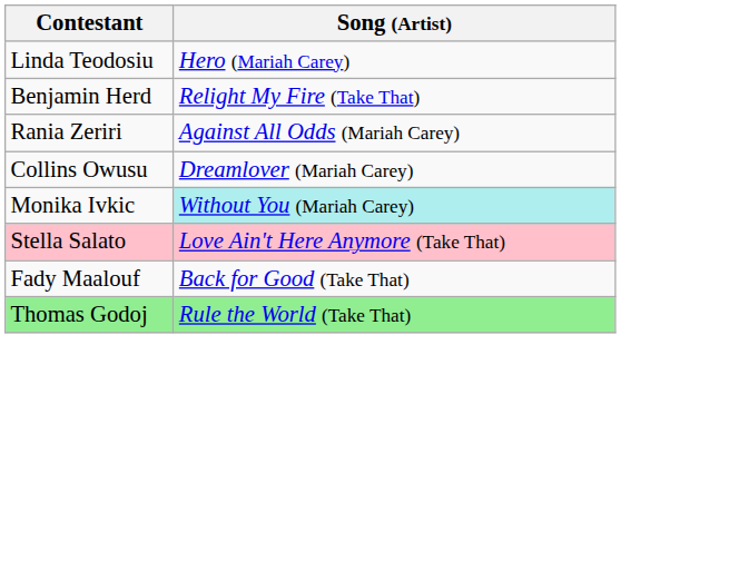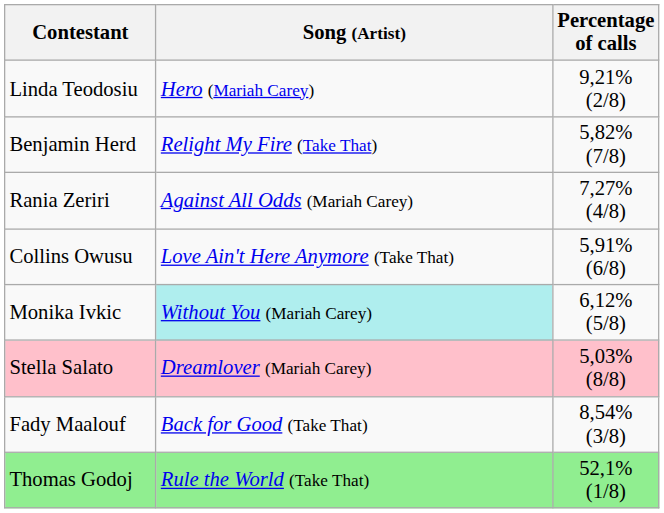 <table class="wikitable">
 <tr>
 <th width="110">Contestant</th>
 <th width="300">Song <small>(Artist)</small></th>
+<th width="28">Percentage of calls</th>
 </tr>
 <tr>
 <td align="left">Linda Teodosiu</td>
 <td align="left"><em><a href='#'>Hero</a></em> <small>(<a href='#'>Mariah Carey</a>)</small></td>
+<td align="center">9,21% (2/8)</td>
 </tr>
 <tr>
 <td align="left">Benjamin Herd</td>
 <td align="left"><em><a href='#'>Relight My Fire</a></em> <small>(<a href='#'>Take That</a>)</small></td>
+<td align="center">5,82% (7/8)</td>
 </tr>
 <tr>
 <td align="left">Rania Zeriri</td>
 <td align="left"><em><a href='#'>Against All Odds</a></em> <small>(Mariah Carey)</small></td>
+<td align="center">7,27% (4/8)</td>
 </tr>
 <tr>
 <td align="left">Collins Owusu</td>
-<td align="left"><em><a href='#'>Dreamlover</a></em> <small>(Mariah Carey)</small></td>
+<td align="left"><em><a href='#'>Love Ain't Here Anymore</a></em> <small>(Take That)</small></td>
+<td align="center">5,91% (6/8)</td>
 </tr>
 <tr>
 <td align="left">Monika Ivkic</td>
 <td align="left" style="background: paleturquoise;"><em><a href='#'>Without You</a></em> <small>(Mariah Carey)</small></td>
+<td align="center">6,12% (5/8)</td>
 </tr>
 <tr bgcolor="pink">
 <td align="left">Stella Salato</td>
-<td align="left"><em><a href='#'>Love Ain't Here Anymore</a></em> <small>(Take That)</small></td>
+<td align="left"><em><a href='#'>Dreamlover</a></em> <small>(Mariah Carey)</small></td>
+<td align="center">5,03% (8/8)</td>
 </tr>
 <tr>
 <td align="left">Fady Maalouf</td>
 <td align="left"><em><a href='#'>Back for Good</a></em> <small>(Take That)</small></td>
+<td align="center">8,54% (3/8)</td>
 </tr>
 <tr style="background:lightgreen;">
 <td align="left">Thomas Godoj</td>
 <td align="left"><em><a href='#'>Rule the World</a></em> <small>(Take That)</small></td>
+<td align="center">52,1% (1/8)</td>
 </tr>
 </table>
